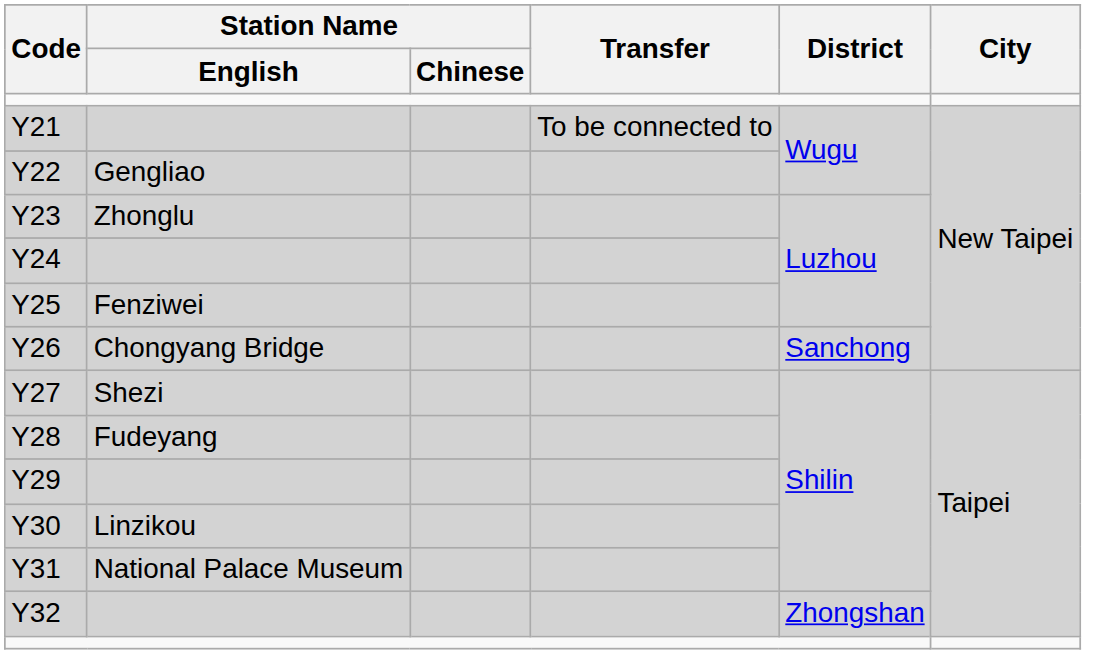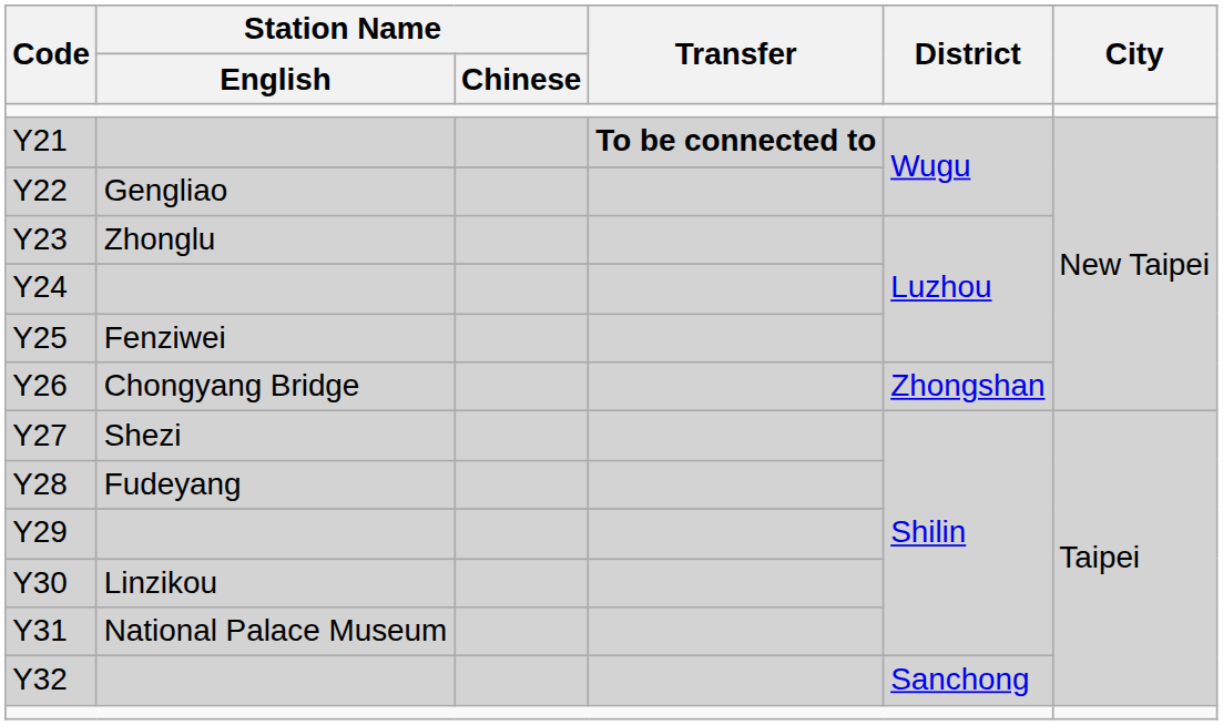 <table class="wikitable">
 <tr>
 <th rowspan="2">Code</th>
 <th colspan="2">Station Name</th>
 <th rowspan="2">Transfer</th>
 <th rowspan="2">District</th>
 <th rowspan="2"><strong>City</strong></th>
 </tr>
 <tr>
 <th>English</th>
 <th>Chinese</th>
 </tr>
 <tr>
 <td colspan = "5"></td>
 </tr>
 <tr bgcolor = "lightgrey">
 <td>Y21</td>
 <td></td>
 <td></td>
-<td>To be connected to </td>
+<td><strong>To be connected to </strong></td>
 <td rowspan="2"><a href='#'>Wugu</a></td>
 <td rowspan="6">New Taipei</td>
 </tr>
 <tr bgcolor = "lightgrey">
 <td>Y22</td>
 <td>Gengliao</td>
 <td></td>
 <td></td>
 </tr>
 <tr bgcolor = "lightgrey">
 <td>Y23</td>
 <td>Zhonglu</td>
 <td></td>
 <td></td>
 <td rowspan="3"><a href='#'>Luzhou</a></td>
 </tr>
 <tr bgcolor = "lightgrey">
 <td>Y24</td>
 <td></td>
 <td></td>
 <td></td>
 </tr>
 <tr bgcolor = "lightgrey">
 <td>Y25</td>
 <td>Fenziwei</td>
 <td></td>
 <td></td>
 </tr>
 <tr bgcolor = "lightgrey">
 <td>Y26</td>
 <td>Chongyang Bridge</td>
 <td></td>
 <td></td>
-<td><a href='#'>Sanchong</a></td>
+<td><a href='#'>Zhongshan</a></td>
 </tr>
 <tr bgcolor = "lightgrey">
 <td>Y27</td>
 <td>Shezi</td>
 <td></td>
 <td></td>
 <td rowspan="5"><a href='#'>Shilin</a></td>
 <td rowspan="6">Taipei</td>
 </tr>
 <tr bgcolor = "lightgrey">
 <td>Y28</td>
 <td>Fudeyang</td>
 <td></td>
 <td></td>
 </tr>
 <tr bgcolor = "lightgrey">
 <td>Y29</td>
 <td></td>
 <td></td>
 <td></td>
 </tr>
 <tr bgcolor = "lightgrey">
 <td>Y30</td>
 <td>Linzikou</td>
 <td></td>
 <td></td>
 </tr>
 <tr bgcolor = "lightgrey">
 <td>Y31</td>
 <td>National Palace Museum</td>
 <td></td>
 <td></td>
 </tr>
 <tr bgcolor = "lightgrey">
 <td>Y32</td>
 <td></td>
 <td></td>
 <td></td>
-<td><a href='#'>Zhongshan</a></td>
+<td><a href='#'>Sanchong</a></td>
 </tr>
 <tr>
 <td colspan = "5"></td>
 </tr>
 </table>
